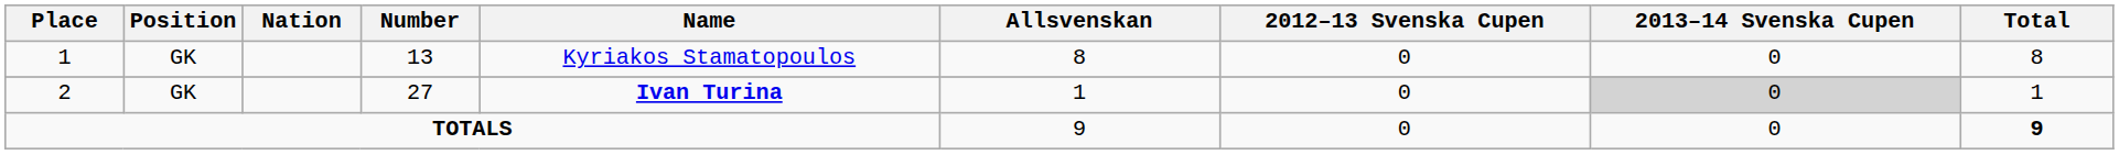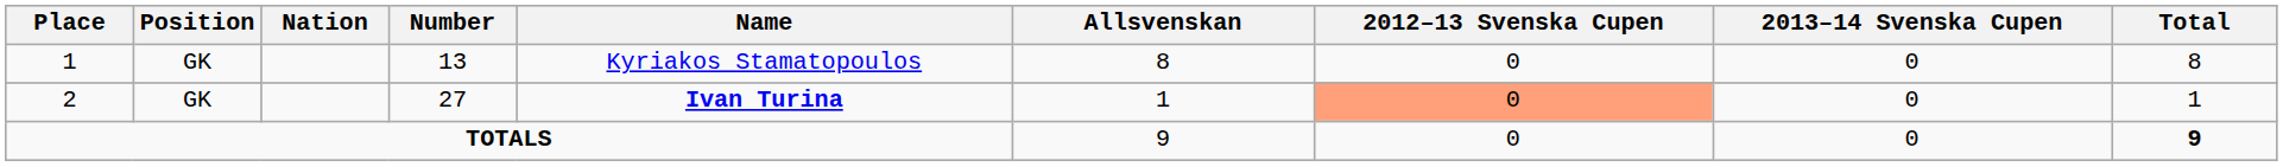 <table class="wikitable" style="font-size: 95%; text-align: center;">
 <tr>
 <th width=60>Place</th>
 <th width=60>Position</th>
 <th width=60>Nation</th>
 <th width=60>Number</th>
 <th width=250>Name</th>
 <th width=150>Allsvenskan</th>
 <th width=200>2012–13 Svenska Cupen</th>
 <th width=200>2013–14 Svenska Cupen</th>
 <th width=80><strong>Total</strong></th>
 </tr>
 <tr>
 <td>1</td>
 <td>GK</td>
 <td></td>
 <td>13</td>
 <td><a href='#'>Kyriakos Stamatopoulos</a></td>
 <td>8</td>
 <td>0</td>
 <td>0</td>
 <td>8</td>
 </tr>
 <tr>
 <td>2</td>
 <td>GK</td>
 <td></td>
 <td>27</td>
 <td><strong><a href='#'>Ivan Turina</a></strong></td>
 <td>1</td>
+<td style="background: lightsalmon;">0</td>
 <td>0</td>
-<td style="background: lightgrey;">0</td>
 <td>1</td>
 </tr>
 <tr>
 <td colspan="5"><strong>TOTALS</strong></td>
 <td>9</td>
 <td>0</td>
 <td>0</td>
 <td><strong>9</strong></td>
 </tr>
 </table>
